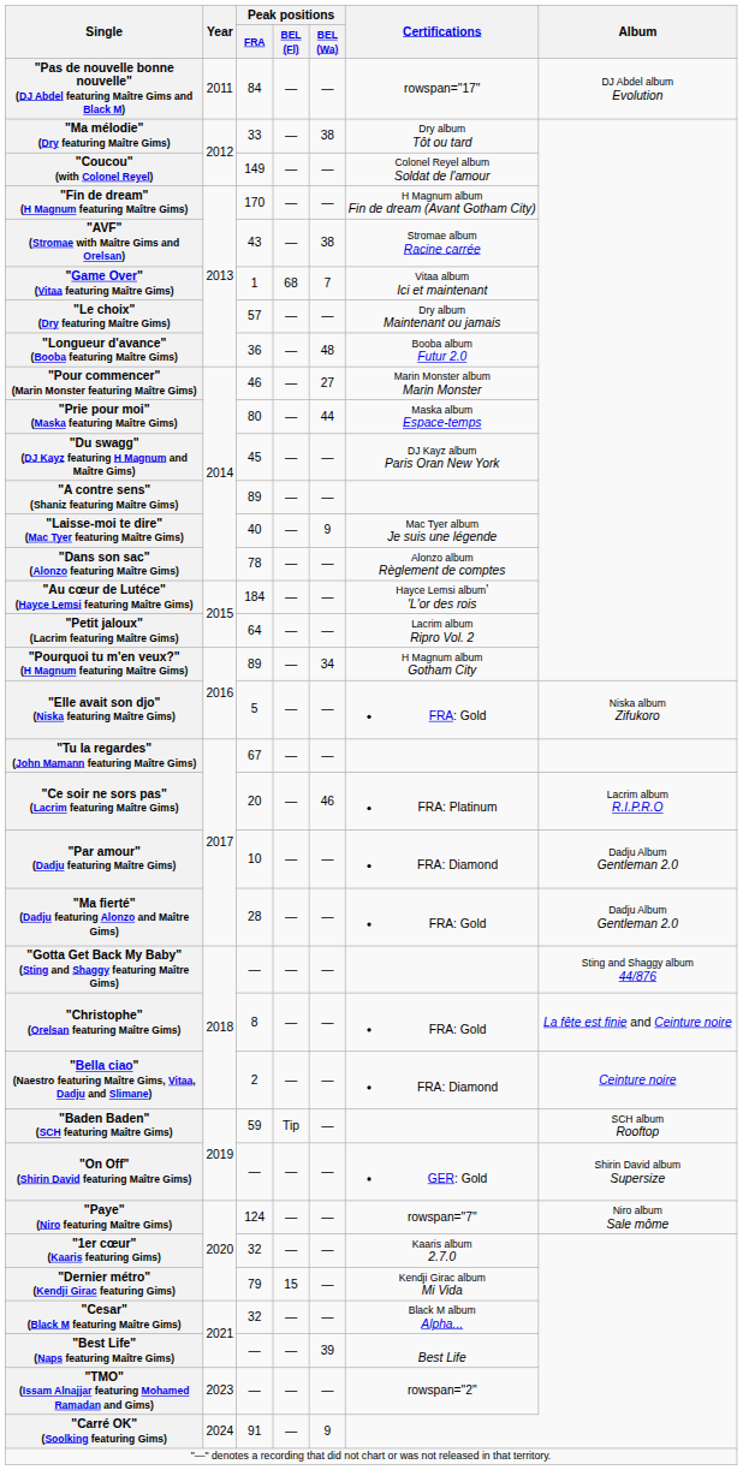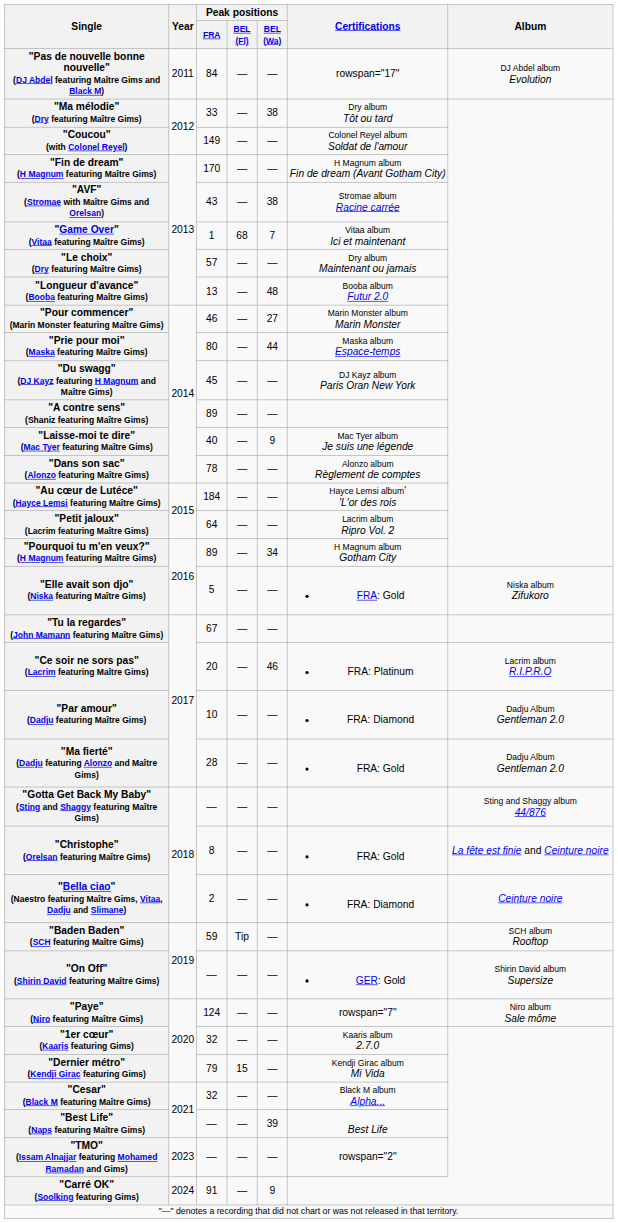 <table class="wikitable plainrowheaders" style="text-align:center;">
 <tr>
 <th scope="col" rowspan="2" width="250">Single</th>
 <th scope="col" rowspan="2" width="10">Year</th>
 <th scope="col" colspan="3" width="30">Peak positions</th>
 <th scope="col" rowspan="2"><a href='#'>Certifications</a></th>
 <th scope="col" rowspan="2" width="250">Album</th>
 </tr>
 <tr>
 <th scope="col" width="40"><small><a href='#'>FRA</a><br></small></th>
 <th scope="col" width="40"><small><a href='#'>BEL<br>(Fl)</a></small></th>
 <th scope="col" width="40"><small><a href='#'>BEL<br>(Wa)</a><br></small></th>
 </tr>
 <tr>
 <th scope="row">"Pas de nouvelle bonne nouvelle" <br><small>(<a href='#'>DJ Abdel</a> featuring Maître Gims and <a href='#'>Black M</a>)</small></th>
 <td>2011</td>
 <td>84</td>
 <td>—</td>
 <td>—</td>
 <td>rowspan="17" </td>
 <td><small>DJ Abdel album</small><br><em>Evolution</em></td>
 </tr>
 <tr>
 <th scope="row">"Ma mélodie" <br><small>(<a href='#'>Dry</a> featuring Maître Gims)</small></th>
 <td align="center" rowspan="2">2012</td>
 <td>33</td>
 <td>—</td>
 <td>38</td>
 <td><small>Dry album</small><br><em>Tôt ou tard</em></td>
 </tr>
 <tr>
 <th scope="row">"Coucou" <br><small>(with <a href='#'>Colonel Reyel</a>)</small></th>
 <td>149</td>
 <td>—</td>
 <td>—</td>
 <td><small>Colonel Reyel album</small> <br><em>Soldat de l'amour</em></td>
 </tr>
 <tr>
 <th scope="row">"Fin de dream" <br><small>(<a href='#'>H Magnum</a> featuring Maître Gims)</small></th>
 <td align="center" rowspan="5">2013</td>
 <td>170</td>
 <td>—</td>
 <td>—</td>
 <td><small>H Magnum album</small><br><em>Fin de dream (Avant Gotham City)</em></td>
 </tr>
 <tr>
 <th scope="row">"AVF" <br><small>(<a href='#'>Stromae</a> with Maître Gims and <a href='#'>Orelsan</a>)</small></th>
 <td>43</td>
 <td>—</td>
 <td>38</td>
 <td><small>Stromae album</small> <br><em><a href='#'>Racine carrée</a></em></td>
 </tr>
 <tr>
 <th scope="row">"<a href='#'>Game Over</a>" <br><small>(<a href='#'>Vitaa</a> featuring Maître Gims)</small></th>
 <td>1</td>
 <td>68</td>
 <td>7</td>
 <td><small>Vitaa album</small><br><em>Ici et maintenant</em></td>
 </tr>
 <tr>
 <th scope="row">"Le choix" <br><small>(<a href='#'>Dry</a> featuring Maître Gims)</small></th>
 <td>57</td>
 <td>—</td>
 <td>—</td>
 <td><small>Dry album</small><br><em>Maintenant ou jamais</em></td>
 </tr>
 <tr>
 <th scope="row">"Longueur d'avance" <br><small>(<a href='#'>Booba</a> featuring Maître Gims)</small></th>
-<td>36</td>
+<td>13</td>
 <td>—</td>
 <td>48</td>
 <td><small>Booba album</small> <br> <em><a href='#'>Futur 2.0</a></em></td>
 </tr>
 <tr>
 <th scope="row">"Pour commencer" <br><small>(Marin Monster featuring Maître Gims)</small></th>
 <td align="center" rowspan="6">2014</td>
 <td>46</td>
 <td>—</td>
 <td>27</td>
 <td><small>Marin Monster album</small><br><em>Marin Monster</em></td>
 </tr>
 <tr>
 <th scope="row">"Prie pour moi" <br><small>(<a href='#'>Maska</a> featuring Maître Gims)</small></th>
 <td>80</td>
 <td>—</td>
 <td>44</td>
 <td><small>Maska album</small><br><em><a href='#'>Espace-temps</a></em></td>
 </tr>
 <tr>
 <th scope="row">"Du swagg" <br><small>(<a href='#'>DJ Kayz</a> featuring <a href='#'>H Magnum</a> and Maître Gims)</small></th>
 <td>45</td>
 <td>—</td>
 <td>—</td>
 <td><small>DJ Kayz album</small><br><em>Paris Oran New York</em></td>
 </tr>
 <tr>
 <th scope="row">"A contre sens" <br><small>(Shaniz featuring Maître Gims)</small></th>
 <td>89</td>
 <td>—</td>
 <td>—</td>
 <td></td>
 </tr>
 <tr>
 <th scope="row">"Laisse-moi te dire" <br><small>(<a href='#'>Mac Tyer</a> featuring Maître Gims)</small></th>
 <td>40</td>
 <td>—</td>
 <td>9</td>
 <td><small>Mac Tyer album</small><br><em>Je suis une légende</em></td>
 </tr>
 <tr>
 <th scope="row">"Dans son sac" <br><small>(<a href='#'>Alonzo</a> featuring Maître Gims)</small></th>
 <td>78</td>
 <td>—</td>
 <td>—</td>
 <td><small>Alonzo album</small><br><em>Règlement de comptes</em></td>
 </tr>
 <tr>
 <th scope="row">"Au cœur de Lutéce" <br><small>(<a href='#'>Hayce Lemsi</a> featuring Maître Gims)</small></th>
 <td align="center" rowspan="2">2015</td>
 <td>184</td>
 <td>—</td>
 <td>—</td>
 <td><small>Hayce Lemsi album</small>'<br><em>'L'or des rois</em></td>
 </tr>
 <tr>
 <th scope="row">"Petit jaloux" <br><small>(Lacrim featuring Maître Gims)</small></th>
 <td>64</td>
 <td>—</td>
 <td>—</td>
 <td><small>Lacrim album</small><br><em>Ripro Vol. 2</em></td>
 </tr>
 <tr>
 <th scope="row">"Pourquoi tu m'en veux?" <br><small>(<a href='#'>H Magnum</a> featuring Maître Gims)</small></th>
 <td rowspan="2">2016</td>
 <td>89</td>
 <td>—</td>
 <td>34</td>
 <td><small>H Magnum album</small><br><em>Gotham City</em></td>
 </tr>
 <tr>
 <th scope="row">"Elle avait son djo"<br><small>(<a href='#'>Niska</a> featuring Maître Gims)</small></th>
 <td>5</td>
 <td>—</td>
 <td>—</td>
 <td><br><ul><li><a href='#'>FRA</a>: Gold</li></ul></td>
 <td><small>Niska album</small><br><em>Zifukoro</em></td>
 </tr>
 <tr>
 <th scope="row">"Tu la regardes" <br><small>(<a href='#'>John Mamann</a> featuring Maître Gims)</small></th>
 <td rowspan="4">2017</td>
 <td>67</td>
 <td>—</td>
 <td>—</td>
 <td></td>
 <td></td>
 </tr>
 <tr>
 <th scope="row">"Ce soir ne sors pas"<br><small>(<a href='#'>Lacrim</a> featuring Maître Gims)</small></th>
 <td>20</td>
 <td>—</td>
 <td>46</td>
 <td><br><ul><li>FRA: Platinum</li></ul></td>
 <td><small>Lacrim album</small><br><em><a href='#'>R.I.P.R.O</a></em></td>
 </tr>
 <tr>
 <th scope="row">"Par amour"<br><small>(<a href='#'>Dadju</a> featuring Maître Gims)</small></th>
 <td>10</td>
 <td>—</td>
 <td>—</td>
 <td><br><ul><li>FRA: Diamond</li></ul></td>
 <td><small>Dadju Album</small><br><em>Gentleman 2.0</em></td>
 </tr>
 <tr>
 <th scope="row">"Ma fierté"<br><small>(<a href='#'>Dadju</a> featuring <a href='#'>Alonzo</a> and Maître Gims)</small></th>
 <td>28</td>
 <td>—</td>
 <td>—</td>
 <td><br><ul><li>FRA: Gold</li></ul></td>
 <td><small>Dadju Album</small><br><em>Gentleman 2.0</em></td>
 </tr>
 <tr>
 <th scope="row">"Gotta Get Back My Baby" <br><small>(<a href='#'>Sting</a> and <a href='#'>Shaggy</a> featuring Maître Gims)</small></th>
 <td rowspan="3">2018</td>
 <td>—</td>
 <td>—</td>
 <td>—</td>
 <td></td>
 <td><small>Sting and Shaggy album</small><br><em><a href='#'>44/876</a></em></td>
 </tr>
 <tr>
 <th scope="row">"Christophe"<br><small>(<a href='#'>Orelsan</a> featuring Maître Gims)</small></th>
 <td>8</td>
 <td>—</td>
 <td>—</td>
 <td><br><ul><li>FRA: Gold</li></ul></td>
 <td><em><a href='#'>La fête est finie</a></em> and <em><a href='#'>Ceinture noire</a></em></td>
 </tr>
 <tr>
 <th scope="row">"<a href='#'>Bella ciao</a>"<br><small>(Naestro featuring Maître Gims, <a href='#'>Vitaa</a>, <a href='#'>Dadju</a> and <a href='#'>Slimane</a>)</small></th>
 <td>2</td>
 <td>—</td>
 <td>—</td>
 <td><br><ul><li>FRA: Diamond</li></ul></td>
 <td><em><a href='#'>Ceinture noire</a></em></td>
 </tr>
 <tr>
 <th scope="row">"Baden Baden" <br><small>(<a href='#'>SCH</a> featuring Maître Gims)</small></th>
 <td align="center" rowspan="2">2019</td>
 <td>59</td>
 <td>Tip</td>
 <td>—</td>
 <td></td>
 <td><small>SCH album</small><br><em>Rooftop</em></td>
 </tr>
 <tr>
 <th scope="row">"On Off" <br><small>(<a href='#'>Shirin David</a> featuring Maître Gims)</small></th>
 <td>—</td>
 <td>—</td>
 <td>—</td>
 <td><br><ul><li><a href='#'>GER</a>: Gold</li></ul></td>
 <td><small>Shirin David album</small><br><em>Supersize</em></td>
 </tr>
 <tr>
 <th scope="row">"Paye" <br><small>(<a href='#'>Niro</a> featuring Maître Gims)</small></th>
 <td rowspan="3" align="center">2020</td>
 <td>124</td>
 <td>—</td>
 <td>—</td>
 <td>rowspan="7" </td>
 <td><small>Niro album</small><br><em>Sale môme</em></td>
 </tr>
 <tr>
 <th scope="row">"1er cœur" <br><small>(<a href='#'>Kaaris</a> featuring Gims)</small></th>
 <td>32</td>
 <td>—</td>
 <td>—</td>
 <td><small>Kaaris album</small><br><em>2.7.0</em></td>
 </tr>
 <tr>
 <th scope="row">"Dernier métro" <br><small>(<a href='#'>Kendji Girac</a> featuring Gims)</small></th>
 <td>79</td>
 <td>15</td>
 <td>—</td>
 <td><small>Kendji Girac album</small><br><em>Mi Vida</em></td>
 </tr>
 <tr>
 <th scope="row">"Cesar" <br><small>(<a href='#'>Black M</a> featuring Maître Gims)</small></th>
 <td rowspan="2">2021</td>
 <td>32</td>
 <td>—</td>
 <td>—</td>
 <td><small>Black M album</small><br><em><a href='#'>Alpha...</a></em></td>
 </tr>
 <tr>
 <th scope="row">"Best Life" <br><small>(<a href='#'>Naps</a> featuring Maître Gims)</small></th>
 <td>—</td>
 <td>—</td>
 <td>39</td>
 <td><br><em>Best Life</em></td>
 </tr>
 <tr>
 <th scope="row">"TMO" <br><small>(<a href='#'>Issam Alnajjar</a> featuring <a href='#'>Mohamed Ramadan</a> and Gims)</small></th>
 <td>2023</td>
 <td>—</td>
 <td>—</td>
 <td>—</td>
 <td>rowspan="2" </td>
 </tr>
 <tr>
 <th scope="row">"Carré OK" <br><small>(<a href='#'>Soolking</a> featuring Gims)</small></th>
 <td>2024</td>
 <td>91</td>
 <td>—</td>
 <td>9</td>
 </tr>
 <tr>
 <td colspan="7" style="font-size:85%">"—" denotes a recording that did not chart or was not released in that territory.</td>
 </tr>
 </table>
